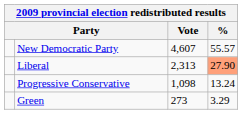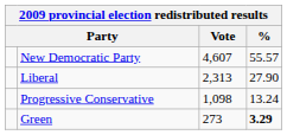 <table class="wikitable">
 <tr>
 <th colspan="4"><a href='#'>2009 provincial election</a> redistributed results</th>
 </tr>
 <tr>
 <th bgcolor="#DDDDFF" width="230px" colspan="2">Party</th>
 <th bgcolor="#DDDDFF" width="50px">Vote</th>
 <th bgcolor="#DDDDFF" width="30px">%</th>
 </tr>
 <tr>
 <td> </td>
 <td><a href='#'>New Democratic Party</a></td>
 <td>4,607</td>
 <td>55.57</td>
 </tr>
 <tr>
 <td> </td>
 <td><a href='#'>Liberal</a></td>
 <td>2,313</td>
-<td style="background: lightsalmon;">27.90</td>
+<td>27.90</td>
 </tr>
 <tr>
 <td> </td>
 <td><a href='#'>Progressive Conservative</a></td>
 <td>1,098</td>
 <td>13.24</td>
 </tr>
 <tr>
 <td> </td>
 <td><a href='#'>Green</a></td>
 <td>273</td>
-<td>3.29</td>
+<td><strong>3.29</strong></td>
 </tr>
 </table>
